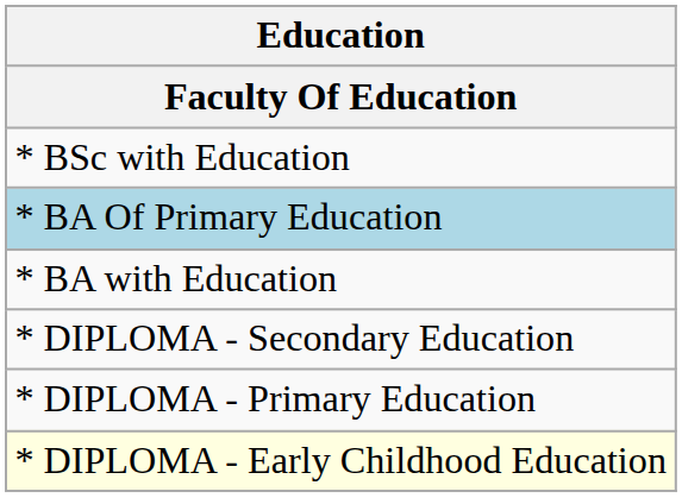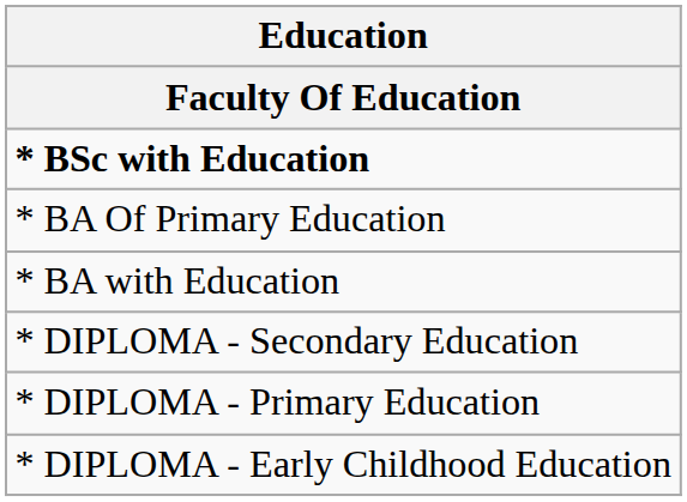 <table class="wikitable sortable" "text-align:center">
 <tr>
 <th colspan=4>Education</th>
 </tr>
 <tr>
 <th>Faculty Of Education</th>
 </tr>
 <tr>
-<td>* BSc with Education</td>
+<td><strong>* BSc with Education</strong></td>
 </tr>
 <tr>
-<td style="background: lightblue;">* BA Of Primary Education</td>
+<td>* BA Of Primary Education</td>
 </tr>
 <tr>
 <td>* BA with Education</td>
 </tr>
 <tr>
 <td>* DIPLOMA - Secondary Education</td>
 </tr>
 <tr>
 <td>* DIPLOMA - Primary Education</td>
 </tr>
 <tr>
-<td style="background: lightyellow;">* DIPLOMA - Early Childhood Education</td>
+<td>* DIPLOMA - Early Childhood Education</td>
 </tr>
 </table>
